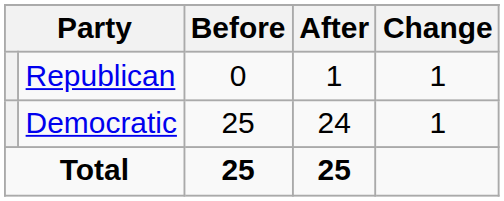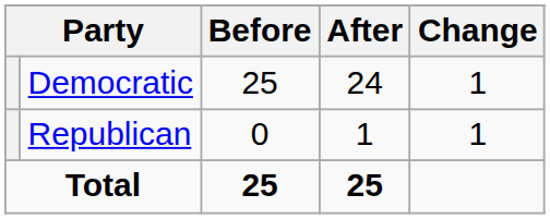 <table class="wikitable" style="text-align:center;">
 <tr>
 </tr>
 <tr>
 <th colspan=2>Party</th>
 <th>Before</th>
 <th>After</th>
 <th>Change</th>
 </tr>
 <tr>
 <th style="background-color:"></th>
-<td style="text-align:left;"><a href='#'>Republican</a></td>
-<td>0</td>
-<td>1</td>
+<td style="text-align:left;"><a href='#'>Democratic</a></td>
+<td>25</td>
+<td>24</td>
 <td> 1</td>
 </tr>
 <tr>
 <th style="background-color:"></th>
-<td style="text-align:left;"><a href='#'>Democratic</a></td>
-<td>25</td>
-<td>24</td>
+<td style="text-align:left;"><a href='#'>Republican</a></td>
+<td>0</td>
+<td>1</td>
 <td> 1</td>
 </tr>
 <tr>
 <td colspan=2><strong>Total</strong></td>
 <td><strong>25</strong></td>
 <td><strong>25</strong></td>
 <td></td>
 </tr>
 </table>
